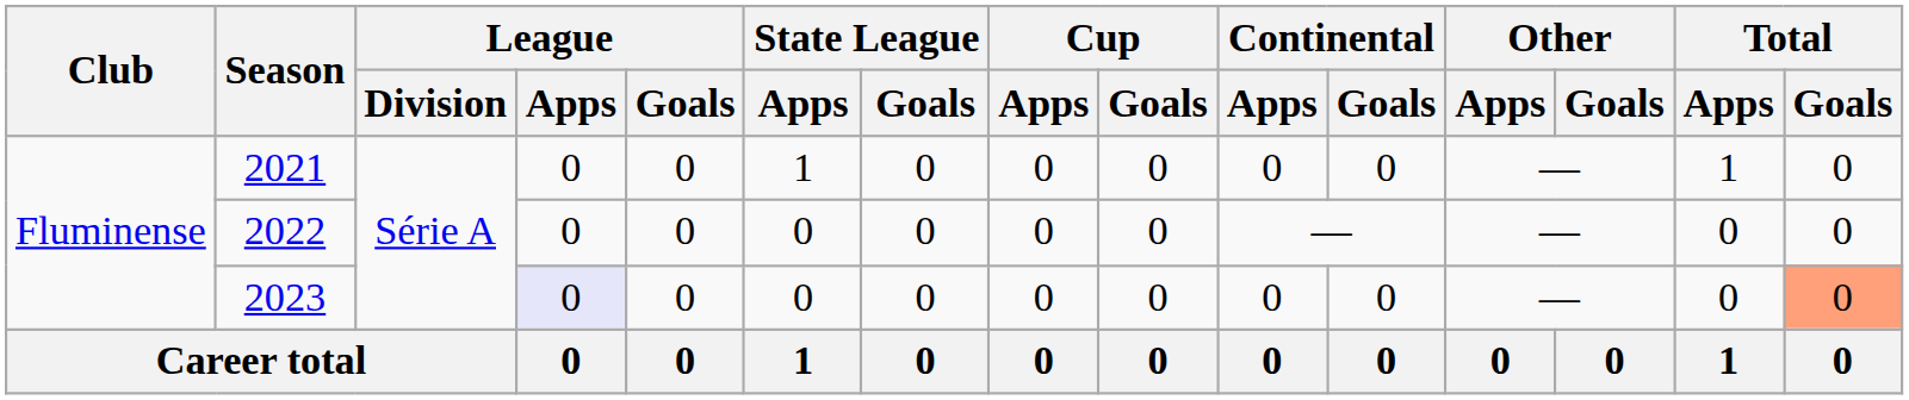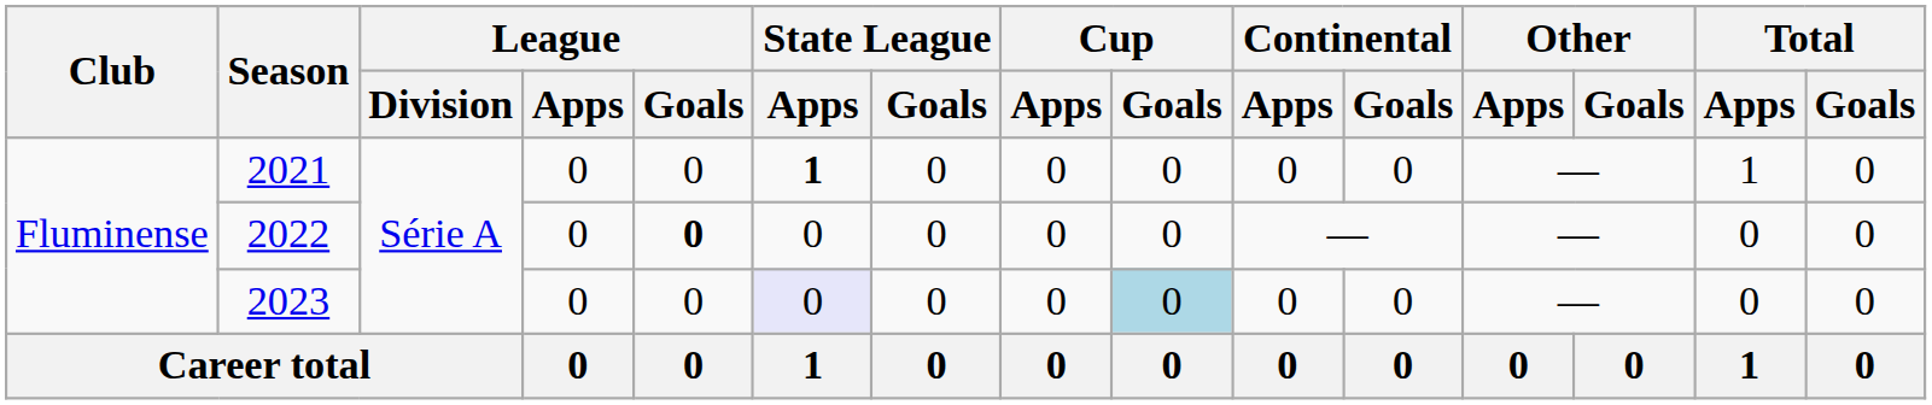 <table class="wikitable" style="text-align:center">
 <tr>
 <th rowspan="2">Club</th>
 <th rowspan="2">Season</th>
 <th colspan="3">League</th>
 <th colspan="2">State League</th>
 <th colspan="2">Cup</th>
 <th colspan="2">Continental</th>
 <th colspan="2">Other</th>
 <th colspan="2">Total</th>
 </tr>
 <tr>
 <th>Division</th>
 <th>Apps</th>
 <th>Goals</th>
 <th>Apps</th>
 <th>Goals</th>
 <th>Apps</th>
 <th>Goals</th>
 <th>Apps</th>
 <th>Goals</th>
 <th>Apps</th>
 <th>Goals</th>
 <th>Apps</th>
 <th>Goals</th>
 </tr>
 <tr>
 <td rowspan=3><a href='#'>Fluminense</a></td>
 <td><a href='#'>2021</a></td>
 <td rowspan=3><a href='#'>Série A</a></td>
 <td>0</td>
 <td>0</td>
-<td>1</td>
+<td><strong>1</strong></td>
 <td>0</td>
 <td>0</td>
 <td>0</td>
 <td>0</td>
 <td>0</td>
 <td colspan=2>—</td>
 <td>1</td>
 <td>0</td>
 </tr>
 <tr>
 <td><a href='#'>2022</a></td>
 <td>0</td>
-<td>0</td>
+<td><strong>0</strong></td>
 <td>0</td>
 <td>0</td>
 <td>0</td>
 <td>0</td>
 <td colspan=2>—</td>
 <td colspan=2>—</td>
 <td>0</td>
 <td>0</td>
 </tr>
 <tr>
 <td><a href='#'>2023</a></td>
+<td>0</td>
+<td>0</td>
 <td style="background: lavender;">0</td>
 <td>0</td>
 <td>0</td>
-<td>0</td>
-<td>0</td>
-<td>0</td>
+<td style="background: lightblue;">0</td>
 <td>0</td>
 <td>0</td>
 <td colspan=2>—</td>
 <td>0</td>
-<td style="background: lightsalmon;">0</td>
+<td>0</td>
 </tr>
 <tr>
 <th colspan=3><strong>Career total</strong></th>
 <th>0</th>
 <th>0</th>
 <th>1</th>
 <th>0</th>
 <th>0</th>
 <th>0</th>
 <th>0</th>
 <th>0</th>
 <th>0</th>
 <th>0</th>
 <th>1</th>
 <th>0</th>
 </tr>
 </table>
